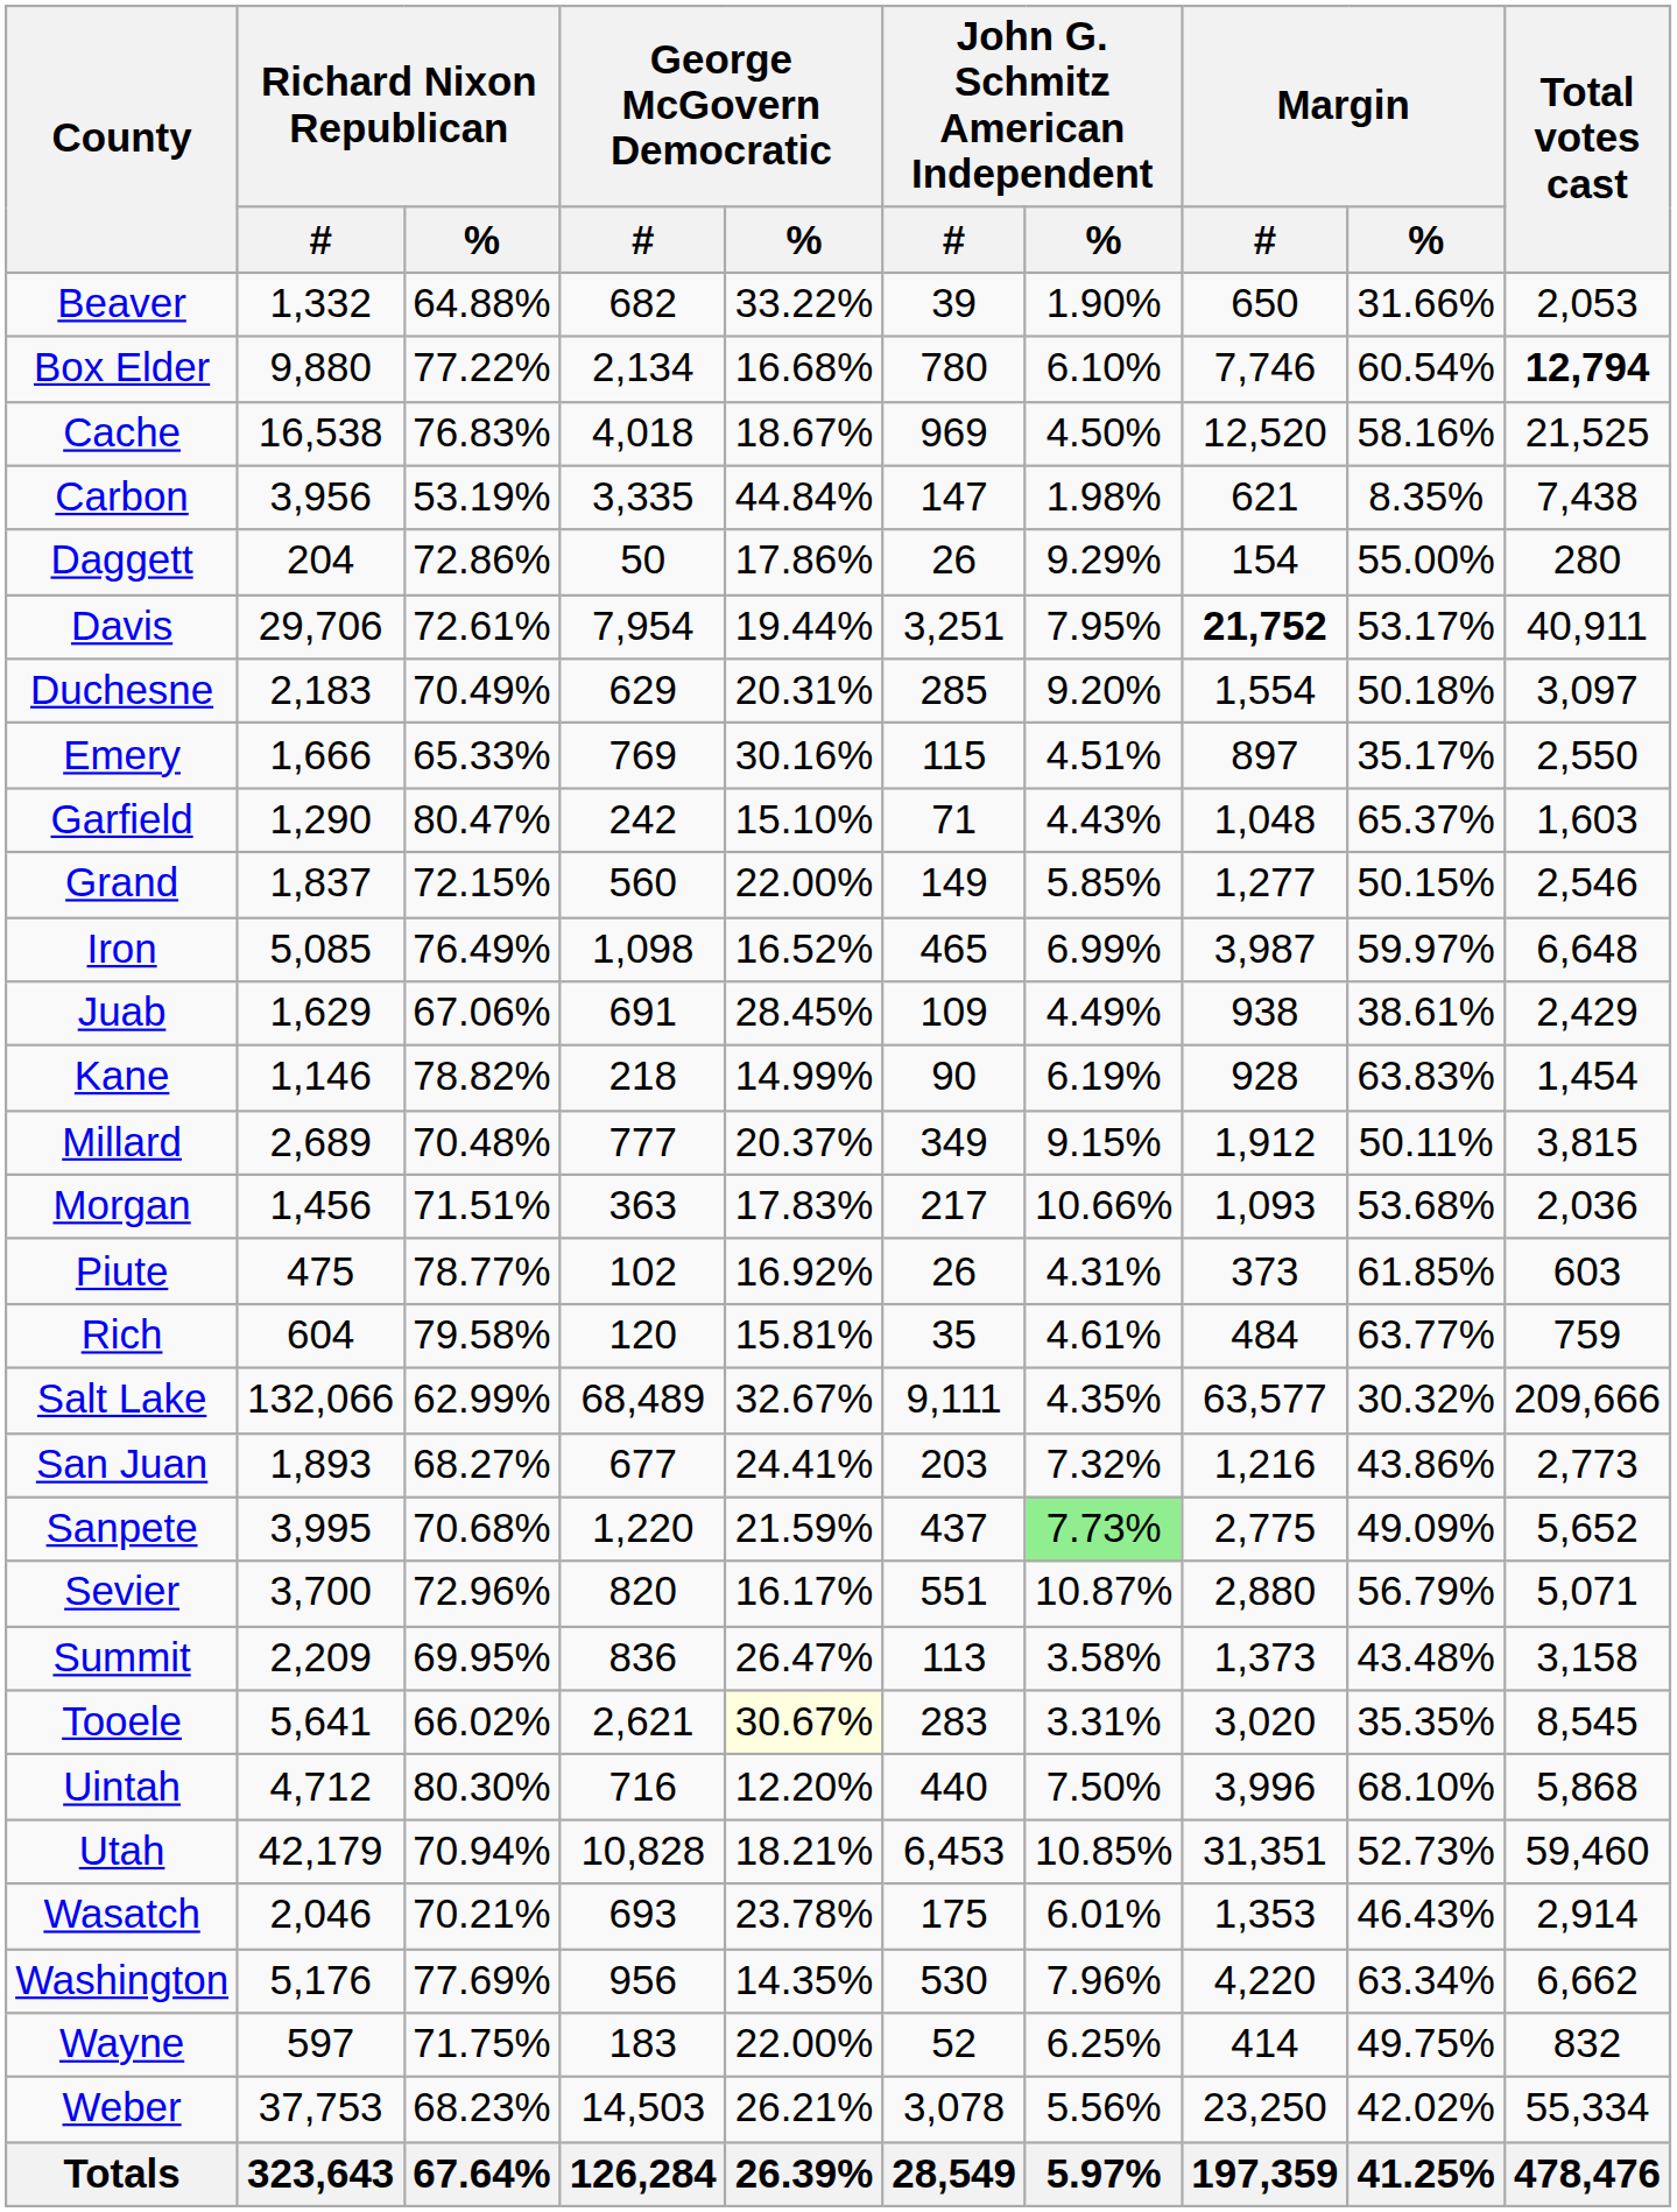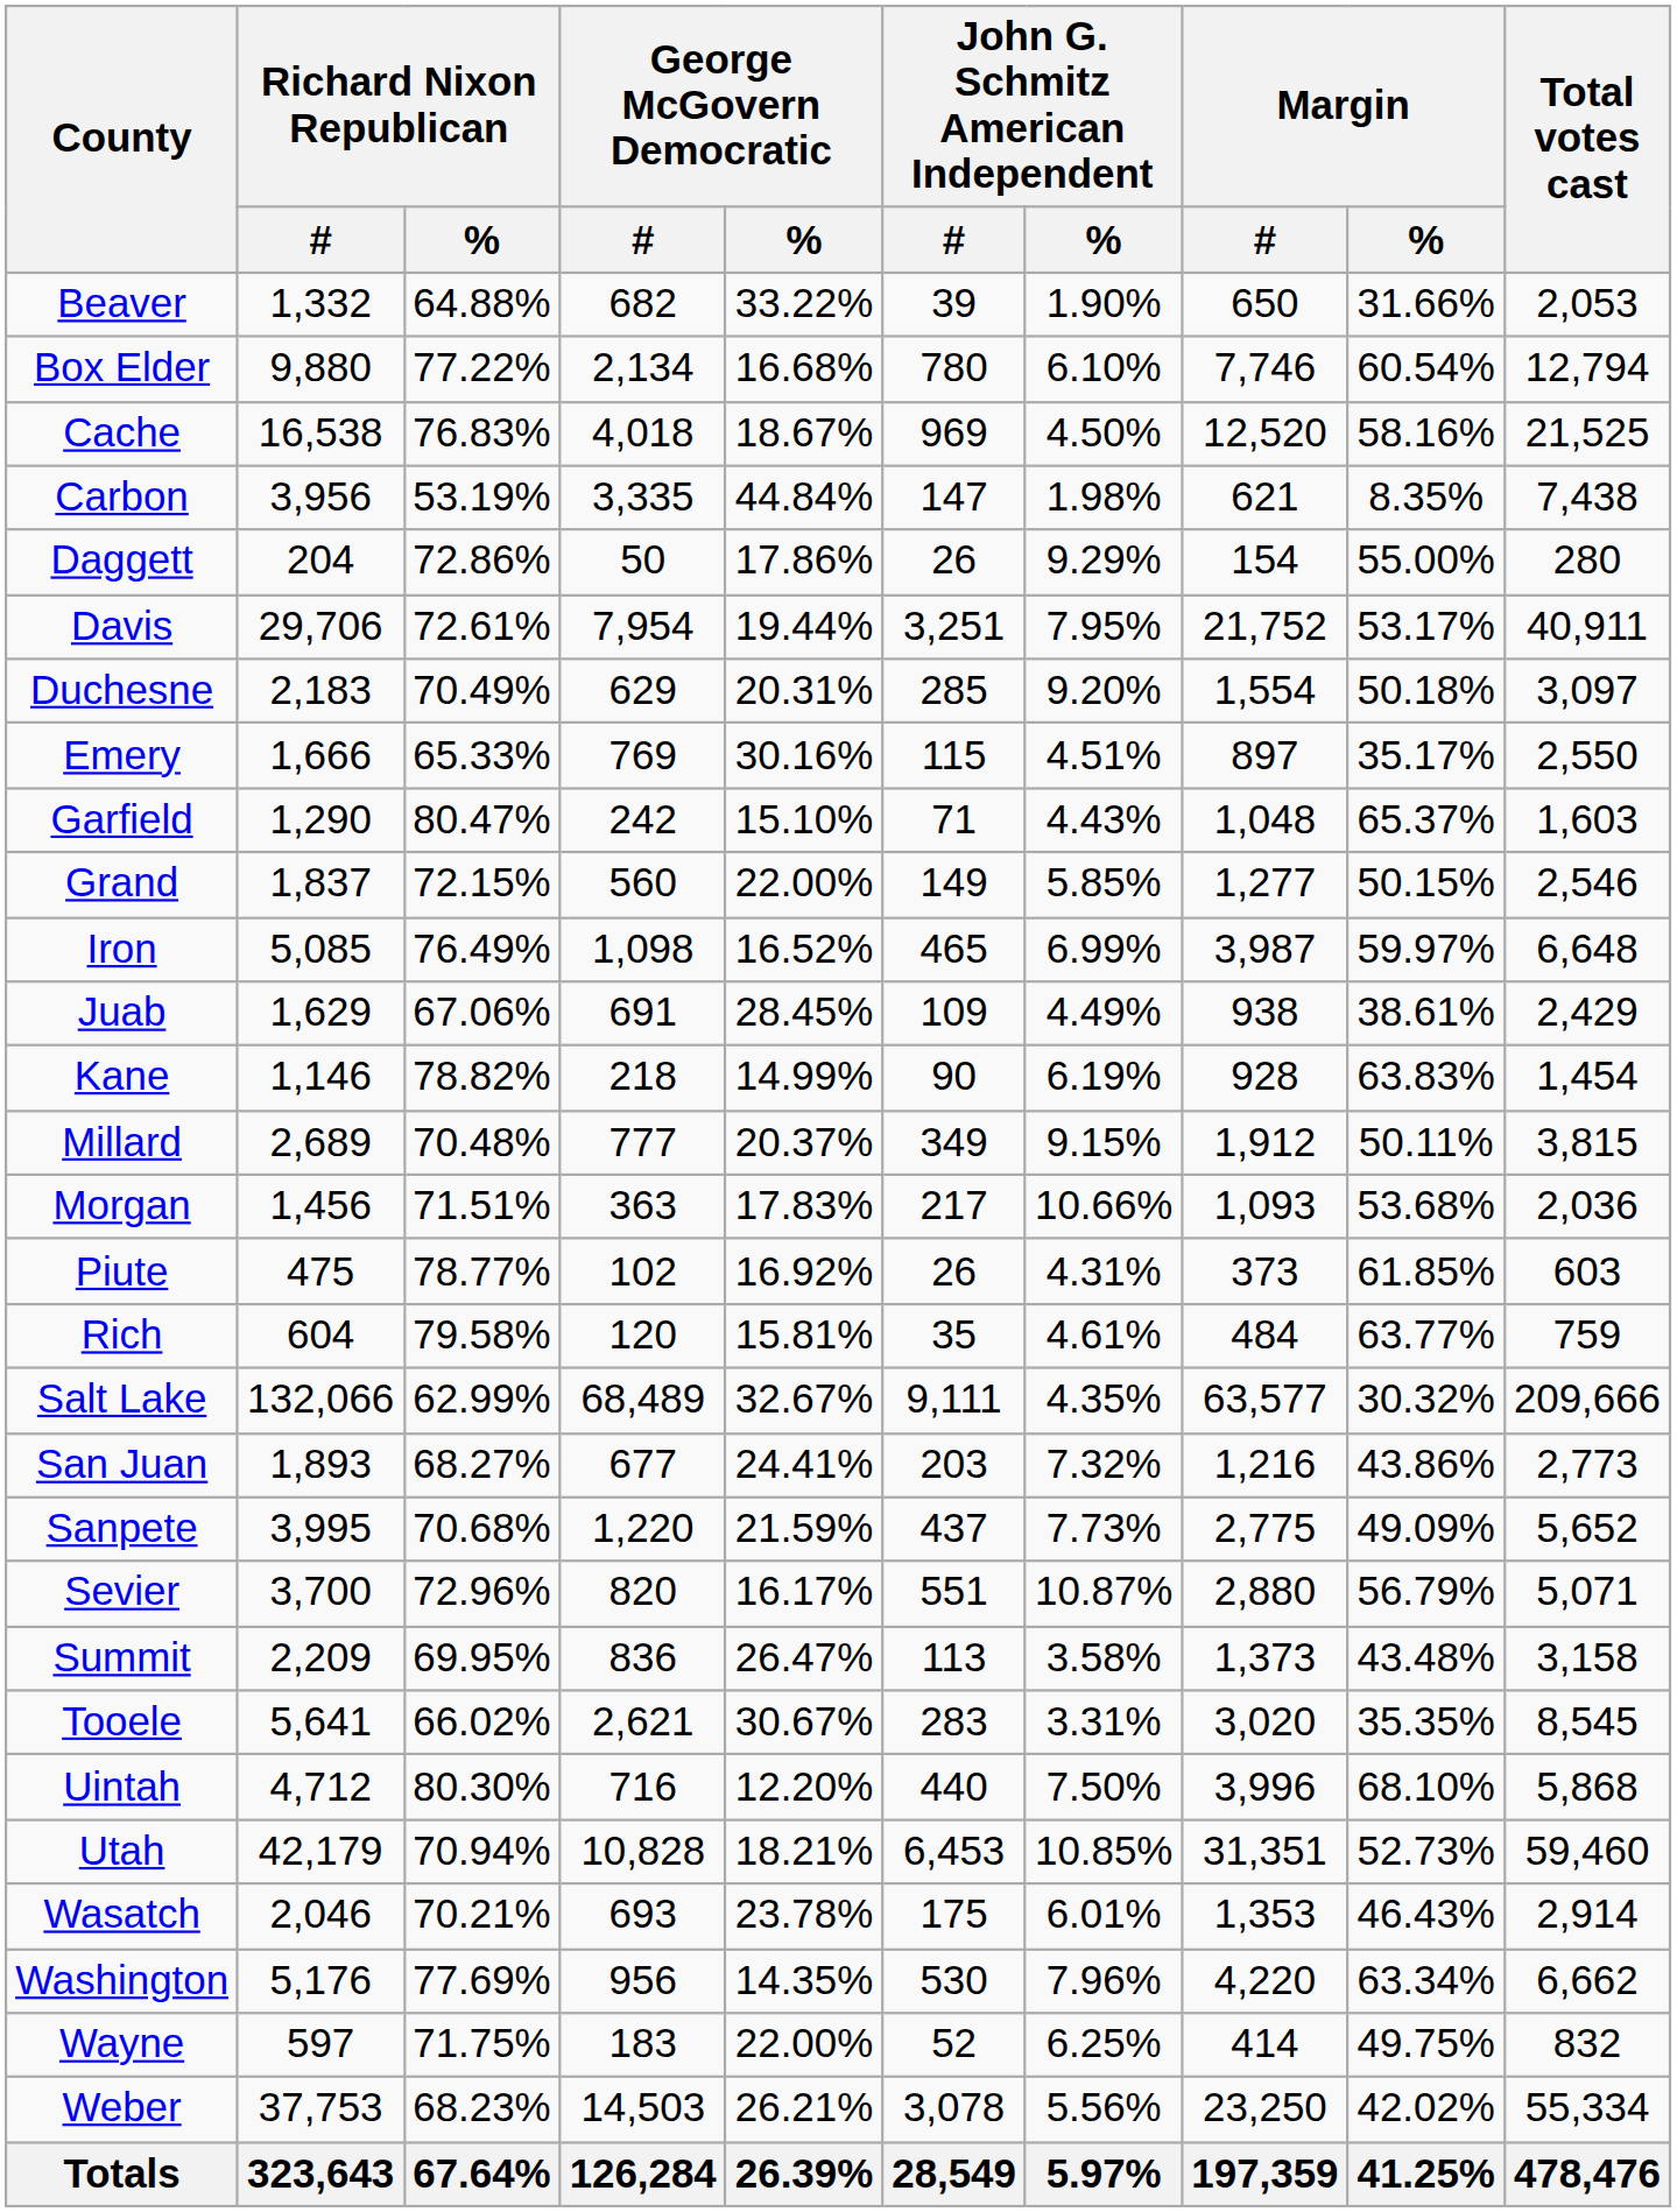 <table width="60%"  class="wikitable sortable" style="text-align:center">
 <tr>
 <th style="text-align:center;" rowspan="2">County</th>
 <th style="text-align:center;" colspan="2">Richard Nixon<br>Republican</th>
 <th style="text-align:center;" colspan="2">George McGovern<br>Democratic</th>
 <th style="text-align:center;" colspan="2">John G. Schmitz<br>American Independent</th>
 <th style="text-align:center;" colspan="2">Margin</th>
 <th style="text-align:center;" rowspan="2">Total votes cast</th>
 </tr>
 <tr>
 <th style="text-align:center;" data-sort-type="number">#</th>
 <th style="text-align:center;" data-sort-type="number">%</th>
 <th style="text-align:center;" data-sort-type="number">#</th>
 <th style="text-align:center;" data-sort-type="number">%</th>
 <th style="text-align:center;" data-sort-type="number">#</th>
 <th style="text-align:center;" data-sort-type="number">%</th>
 <th style="text-align:center;" data-sort-type="number">#</th>
 <th style="text-align:center;" data-sort-type="number">%</th>
 </tr>
 <tr style="text-align:center;">
 <td><a href='#'>Beaver</a></td>
 <td>1,332</td>
 <td>64.88%</td>
 <td>682</td>
 <td>33.22%</td>
 <td>39</td>
 <td>1.90%</td>
 <td>650</td>
 <td>31.66%</td>
 <td>2,053</td>
 </tr>
 <tr style="text-align:center;">
 <td><a href='#'>Box Elder</a></td>
 <td>9,880</td>
 <td>77.22%</td>
 <td>2,134</td>
 <td>16.68%</td>
 <td>780</td>
 <td>6.10%</td>
 <td>7,746</td>
 <td>60.54%</td>
-<td><strong>12,794</strong></td>
+<td>12,794</td>
 </tr>
 <tr style="text-align:center;">
 <td><a href='#'>Cache</a></td>
 <td>16,538</td>
 <td>76.83%</td>
 <td>4,018</td>
 <td>18.67%</td>
 <td>969</td>
 <td>4.50%</td>
 <td>12,520</td>
 <td>58.16%</td>
 <td>21,525</td>
 </tr>
 <tr style="text-align:center;">
 <td><a href='#'>Carbon</a></td>
 <td>3,956</td>
 <td>53.19%</td>
 <td>3,335</td>
 <td>44.84%</td>
 <td>147</td>
 <td>1.98%</td>
 <td>621</td>
 <td>8.35%</td>
 <td>7,438</td>
 </tr>
 <tr style="text-align:center;">
 <td><a href='#'>Daggett</a></td>
 <td>204</td>
 <td>72.86%</td>
 <td>50</td>
 <td>17.86%</td>
 <td>26</td>
 <td>9.29%</td>
 <td>154</td>
 <td>55.00%</td>
 <td>280</td>
 </tr>
 <tr style="text-align:center;">
 <td><a href='#'>Davis</a></td>
 <td>29,706</td>
 <td>72.61%</td>
 <td>7,954</td>
 <td>19.44%</td>
 <td>3,251</td>
 <td>7.95%</td>
-<td><strong>21,752</strong></td>
+<td>21,752</td>
 <td>53.17%</td>
 <td>40,911</td>
 </tr>
 <tr style="text-align:center;">
 <td><a href='#'>Duchesne</a></td>
 <td>2,183</td>
 <td>70.49%</td>
 <td>629</td>
 <td>20.31%</td>
 <td>285</td>
 <td>9.20%</td>
 <td>1,554</td>
 <td>50.18%</td>
 <td>3,097</td>
 </tr>
 <tr style="text-align:center;">
 <td><a href='#'>Emery</a></td>
 <td>1,666</td>
 <td>65.33%</td>
 <td>769</td>
 <td>30.16%</td>
 <td>115</td>
 <td>4.51%</td>
 <td>897</td>
 <td>35.17%</td>
 <td>2,550</td>
 </tr>
 <tr style="text-align:center;">
 <td><a href='#'>Garfield</a></td>
 <td>1,290</td>
 <td>80.47%</td>
 <td>242</td>
 <td>15.10%</td>
 <td>71</td>
 <td>4.43%</td>
 <td>1,048</td>
 <td>65.37%</td>
 <td>1,603</td>
 </tr>
 <tr style="text-align:center;">
 <td><a href='#'>Grand</a></td>
 <td>1,837</td>
 <td>72.15%</td>
 <td>560</td>
 <td>22.00%</td>
 <td>149</td>
 <td>5.85%</td>
 <td>1,277</td>
 <td>50.15%</td>
 <td>2,546</td>
 </tr>
 <tr style="text-align:center;">
 <td><a href='#'>Iron</a></td>
 <td>5,085</td>
 <td>76.49%</td>
 <td>1,098</td>
 <td>16.52%</td>
 <td>465</td>
 <td>6.99%</td>
 <td>3,987</td>
 <td>59.97%</td>
 <td>6,648</td>
 </tr>
 <tr style="text-align:center;">
 <td><a href='#'>Juab</a></td>
 <td>1,629</td>
 <td>67.06%</td>
 <td>691</td>
 <td>28.45%</td>
 <td>109</td>
 <td>4.49%</td>
 <td>938</td>
 <td>38.61%</td>
 <td>2,429</td>
 </tr>
 <tr style="text-align:center;">
 <td><a href='#'>Kane</a></td>
 <td>1,146</td>
 <td>78.82%</td>
 <td>218</td>
 <td>14.99%</td>
 <td>90</td>
 <td>6.19%</td>
 <td>928</td>
 <td>63.83%</td>
 <td>1,454</td>
 </tr>
 <tr style="text-align:center;">
 <td><a href='#'>Millard</a></td>
 <td>2,689</td>
 <td>70.48%</td>
 <td>777</td>
 <td>20.37%</td>
 <td>349</td>
 <td>9.15%</td>
 <td>1,912</td>
 <td>50.11%</td>
 <td>3,815</td>
 </tr>
 <tr style="text-align:center;">
 <td><a href='#'>Morgan</a></td>
 <td>1,456</td>
 <td>71.51%</td>
 <td>363</td>
 <td>17.83%</td>
 <td>217</td>
 <td>10.66%</td>
 <td>1,093</td>
 <td>53.68%</td>
 <td>2,036</td>
 </tr>
 <tr style="text-align:center;">
 <td><a href='#'>Piute</a></td>
 <td>475</td>
 <td>78.77%</td>
 <td>102</td>
 <td>16.92%</td>
 <td>26</td>
 <td>4.31%</td>
 <td>373</td>
 <td>61.85%</td>
 <td>603</td>
 </tr>
 <tr style="text-align:center;">
 <td><a href='#'>Rich</a></td>
 <td>604</td>
 <td>79.58%</td>
 <td>120</td>
 <td>15.81%</td>
 <td>35</td>
 <td>4.61%</td>
 <td>484</td>
 <td>63.77%</td>
 <td>759</td>
 </tr>
 <tr style="text-align:center;">
 <td><a href='#'>Salt Lake</a></td>
 <td>132,066</td>
 <td>62.99%</td>
 <td>68,489</td>
 <td>32.67%</td>
 <td>9,111</td>
 <td>4.35%</td>
 <td>63,577</td>
 <td>30.32%</td>
 <td>209,666</td>
 </tr>
 <tr style="text-align:center;">
 <td><a href='#'>San Juan</a></td>
 <td>1,893</td>
 <td>68.27%</td>
 <td>677</td>
 <td>24.41%</td>
 <td>203</td>
 <td>7.32%</td>
 <td>1,216</td>
 <td>43.86%</td>
 <td>2,773</td>
 </tr>
 <tr style="text-align:center;">
 <td><a href='#'>Sanpete</a></td>
 <td>3,995</td>
 <td>70.68%</td>
 <td>1,220</td>
 <td>21.59%</td>
 <td>437</td>
-<td style="background: lightgreen;">7.73%</td>
+<td>7.73%</td>
 <td>2,775</td>
 <td>49.09%</td>
 <td>5,652</td>
 </tr>
 <tr style="text-align:center;">
 <td><a href='#'>Sevier</a></td>
 <td>3,700</td>
 <td>72.96%</td>
 <td>820</td>
 <td>16.17%</td>
 <td>551</td>
 <td>10.87%</td>
 <td>2,880</td>
 <td>56.79%</td>
 <td>5,071</td>
 </tr>
 <tr style="text-align:center;">
 <td><a href='#'>Summit</a></td>
 <td>2,209</td>
 <td>69.95%</td>
 <td>836</td>
 <td>26.47%</td>
 <td>113</td>
 <td>3.58%</td>
 <td>1,373</td>
 <td>43.48%</td>
 <td>3,158</td>
 </tr>
 <tr style="text-align:center;">
 <td><a href='#'>Tooele</a></td>
 <td>5,641</td>
 <td>66.02%</td>
 <td>2,621</td>
-<td style="background: lightyellow;">30.67%</td>
+<td>30.67%</td>
 <td>283</td>
 <td>3.31%</td>
 <td>3,020</td>
 <td>35.35%</td>
 <td>8,545</td>
 </tr>
 <tr style="text-align:center;">
 <td><a href='#'>Uintah</a></td>
 <td>4,712</td>
 <td>80.30%</td>
 <td>716</td>
 <td>12.20%</td>
 <td>440</td>
 <td>7.50%</td>
 <td>3,996</td>
 <td>68.10%</td>
 <td>5,868</td>
 </tr>
 <tr style="text-align:center;">
 <td><a href='#'>Utah</a></td>
 <td>42,179</td>
 <td>70.94%</td>
 <td>10,828</td>
 <td>18.21%</td>
 <td>6,453</td>
 <td>10.85%</td>
 <td>31,351</td>
 <td>52.73%</td>
 <td>59,460</td>
 </tr>
 <tr style="text-align:center;">
 <td><a href='#'>Wasatch</a></td>
 <td>2,046</td>
 <td>70.21%</td>
 <td>693</td>
 <td>23.78%</td>
 <td>175</td>
 <td>6.01%</td>
 <td>1,353</td>
 <td>46.43%</td>
 <td>2,914</td>
 </tr>
 <tr style="text-align:center;">
 <td><a href='#'>Washington</a></td>
 <td>5,176</td>
 <td>77.69%</td>
 <td>956</td>
 <td>14.35%</td>
 <td>530</td>
 <td>7.96%</td>
 <td>4,220</td>
 <td>63.34%</td>
 <td>6,662</td>
 </tr>
 <tr style="text-align:center;">
 <td><a href='#'>Wayne</a></td>
 <td>597</td>
 <td>71.75%</td>
 <td>183</td>
 <td>22.00%</td>
 <td>52</td>
 <td>6.25%</td>
 <td>414</td>
 <td>49.75%</td>
 <td>832</td>
 </tr>
 <tr style="text-align:center;">
 <td><a href='#'>Weber</a></td>
 <td>37,753</td>
 <td>68.23%</td>
 <td>14,503</td>
 <td>26.21%</td>
 <td>3,078</td>
 <td>5.56%</td>
 <td>23,250</td>
 <td>42.02%</td>
 <td>55,334</td>
 </tr>
 <tr style="text-align:center;">
 <th>Totals</th>
 <th>323,643</th>
 <th>67.64%</th>
 <th>126,284</th>
 <th>26.39%</th>
 <th>28,549</th>
 <th>5.97%</th>
 <th>197,359</th>
 <th>41.25%</th>
 <th>478,476</th>
 </tr>
 </table>
